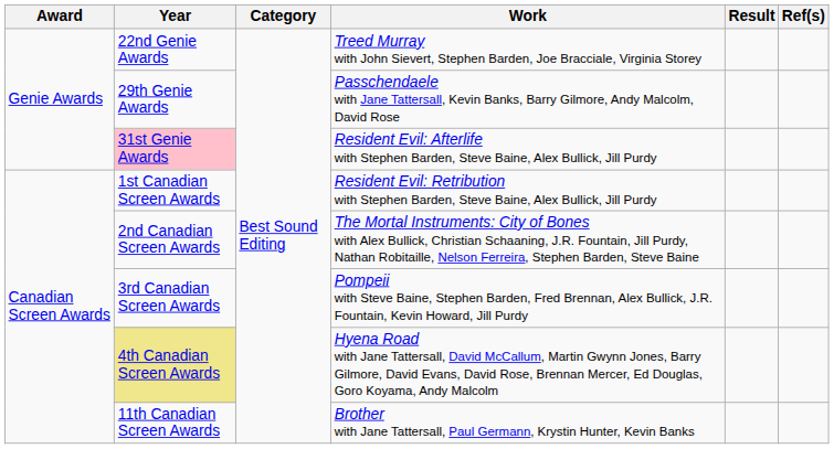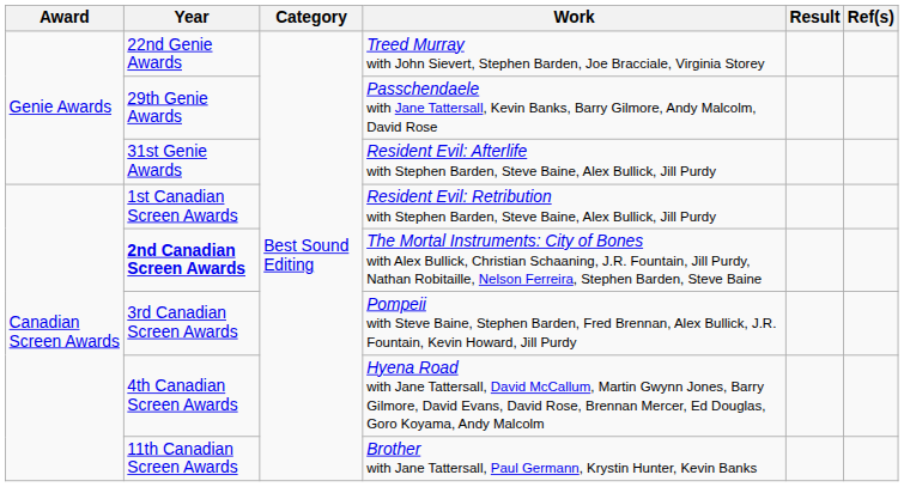 <table class="wikitable plainrowheaders sortable">
 <tr>
 <th>Award</th>
 <th>Year</th>
 <th>Category</th>
 <th>Work</th>
 <th>Result</th>
 <th>Ref(s)</th>
 </tr>
 <tr>
 <td rowspan=3><a href='#'>Genie Awards</a></td>
 <td><a href='#'>22nd Genie Awards</a></td>
 <td rowspan=8><a href='#'>Best Sound Editing</a></td>
 <td><em><a href='#'>Treed Murray</a></em><br><small>with John Sievert, Stephen Barden, Joe Bracciale, Virginia Storey</small></td>
 <td></td>
 <td></td>
 </tr>
 <tr>
 <td><a href='#'>29th Genie Awards</a></td>
 <td><em><a href='#'>Passchendaele</a></em><br><small>with <a href='#'>Jane Tattersall</a>, Kevin Banks, Barry Gilmore, Andy Malcolm, David Rose</small></td>
 <td></td>
 <td></td>
 </tr>
 <tr>
-<td style="background: pink;"><a href='#'>31st Genie Awards</a></td>
+<td><a href='#'>31st Genie Awards</a></td>
 <td><em><a href='#'>Resident Evil: Afterlife</a></em><br><small>with Stephen Barden, Steve Baine, Alex Bullick, Jill Purdy</small></td>
 <td></td>
 <td></td>
 </tr>
 <tr>
 <td rowspan=5><a href='#'>Canadian Screen Awards</a></td>
 <td><a href='#'>1st Canadian Screen Awards</a></td>
 <td><em><a href='#'>Resident Evil: Retribution</a></em><br><small>with Stephen Barden, Steve Baine, Alex Bullick, Jill Purdy</small></td>
 <td></td>
 <td></td>
 </tr>
 <tr>
-<td><a href='#'>2nd Canadian Screen Awards</a></td>
+<td><strong><a href='#'>2nd Canadian Screen Awards</a></strong></td>
 <td><em><a href='#'>The Mortal Instruments: City of Bones</a></em><br><small>with Alex Bullick, Christian Schaaning, J.R. Fountain, Jill Purdy, Nathan Robitaille, <a href='#'>Nelson Ferreira</a>, Stephen Barden, Steve Baine</small></td>
 <td></td>
 <td></td>
 </tr>
 <tr>
 <td><a href='#'>3rd Canadian Screen Awards</a></td>
 <td><em><a href='#'>Pompeii</a></em><br><small>with Steve Baine, Stephen Barden, Fred Brennan, Alex Bullick, J.R. Fountain, Kevin Howard, Jill Purdy</small></td>
 <td></td>
 <td></td>
 </tr>
 <tr>
-<td style="background: khaki;"><a href='#'>4th Canadian Screen Awards</a></td>
+<td><a href='#'>4th Canadian Screen Awards</a></td>
 <td><em><a href='#'>Hyena Road</a></em><br><small>with Jane Tattersall, <a href='#'>David McCallum</a>, Martin Gwynn Jones, Barry Gilmore, David Evans, David Rose, Brennan Mercer, Ed Douglas, Goro Koyama, Andy Malcolm</small></td>
 <td></td>
 <td></td>
 </tr>
 <tr>
 <td><a href='#'>11th Canadian Screen Awards</a></td>
 <td><em><a href='#'>Brother</a></em><br><small>with Jane Tattersall, <a href='#'>Paul Germann</a>, Krystin Hunter, Kevin Banks</small></td>
 <td></td>
 <td></td>
 </tr>
 </table>
